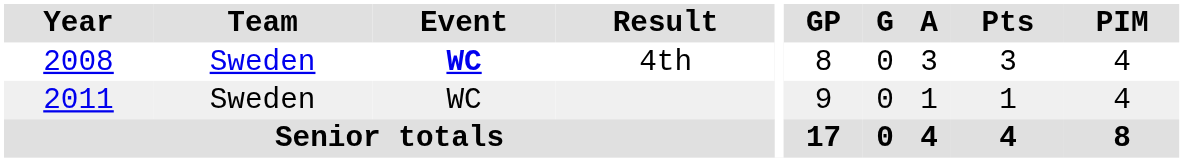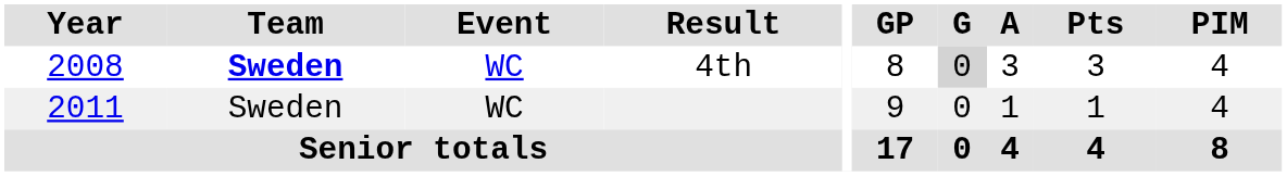 <table border="0" cellpadding="1" cellspacing="0" ID="Table3" style="text-align:center; width:40em">
 <tr ALIGN="center" bgcolor="#e0e0e0">
 <th>Year</th>
 <th>Team</th>
 <th>Event</th>
 <th>Result</th>
 <th rowspan="99" bgcolor="#ffffff"></th>
 <th>GP</th>
 <th>G</th>
 <th>A</th>
 <th>Pts</th>
 <th>PIM</th>
 </tr>
 <tr>
 <td><a href='#'>2008</a></td>
-<td><a href='#'>Sweden</a></td>
-<td><strong><a href='#'>WC</a></strong></td>
+<td><strong><a href='#'>Sweden</a></strong></td>
+<td><a href='#'>WC</a></td>
 <td>4th</td>
 <td>8</td>
-<td>0</td>
+<td style="background: lightgrey;">0</td>
 <td>3</td>
 <td>3</td>
 <td>4</td>
 </tr>
 <tr bgcolor="#f0f0f0">
 <td><a href='#'>2011</a></td>
 <td>Sweden</td>
 <td>WC</td>
 <td></td>
 <td>9</td>
 <td>0</td>
 <td>1</td>
 <td>1</td>
 <td>4</td>
 </tr>
 <tr bgcolor="#e0e0e0">
 <th colspan=4>Senior totals</th>
 <th>17</th>
 <th>0</th>
 <th>4</th>
 <th>4</th>
 <th>8</th>
 </tr>
 </table>
